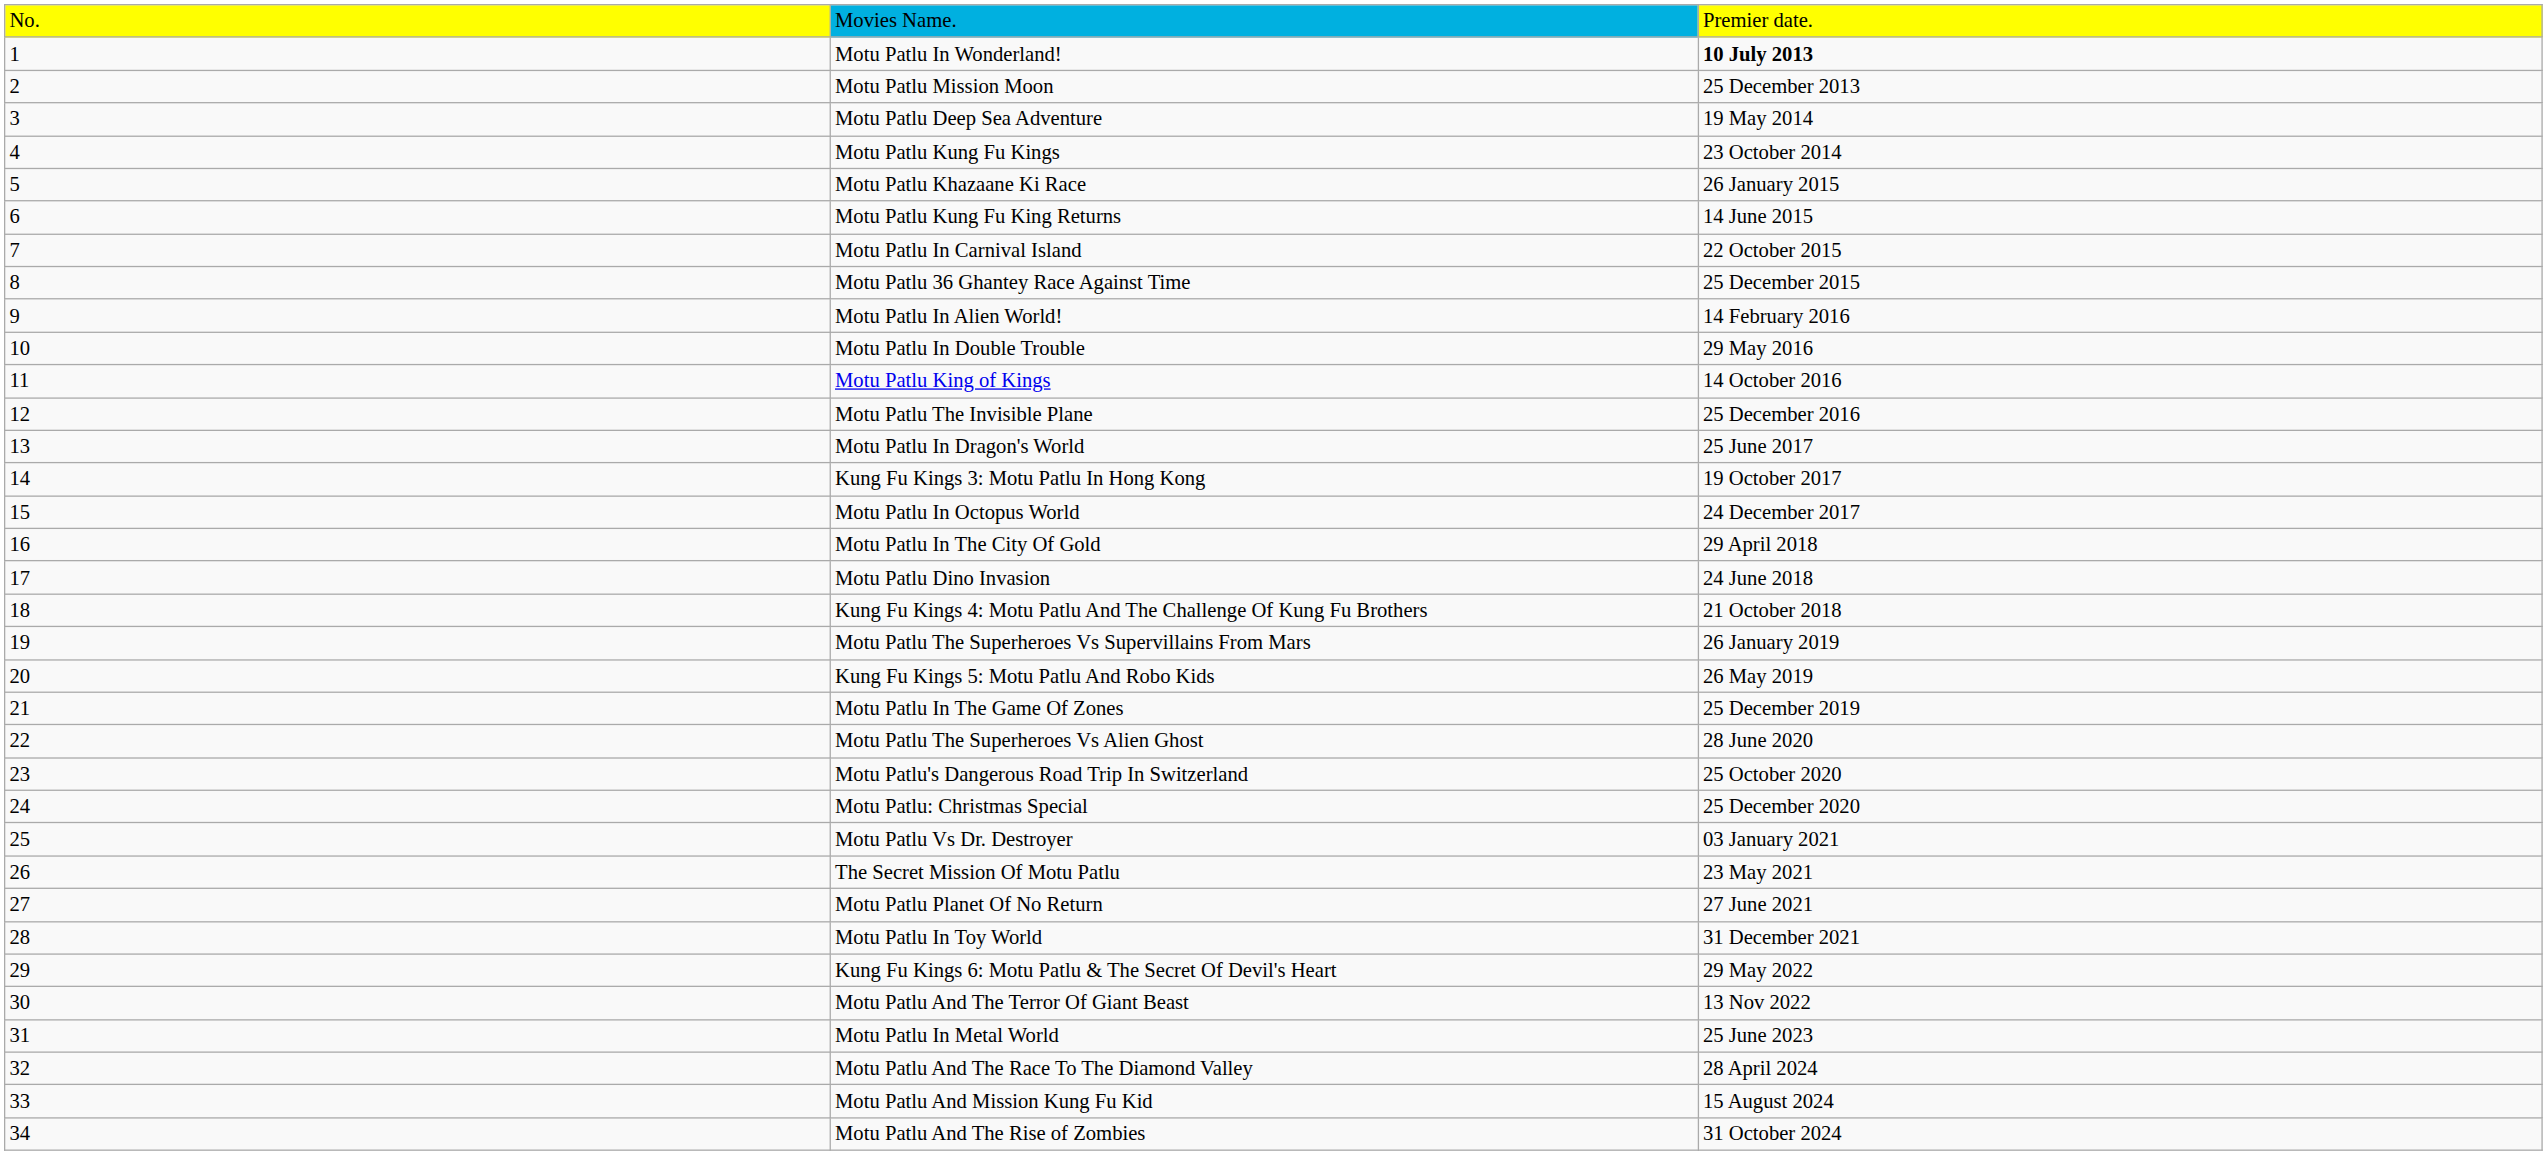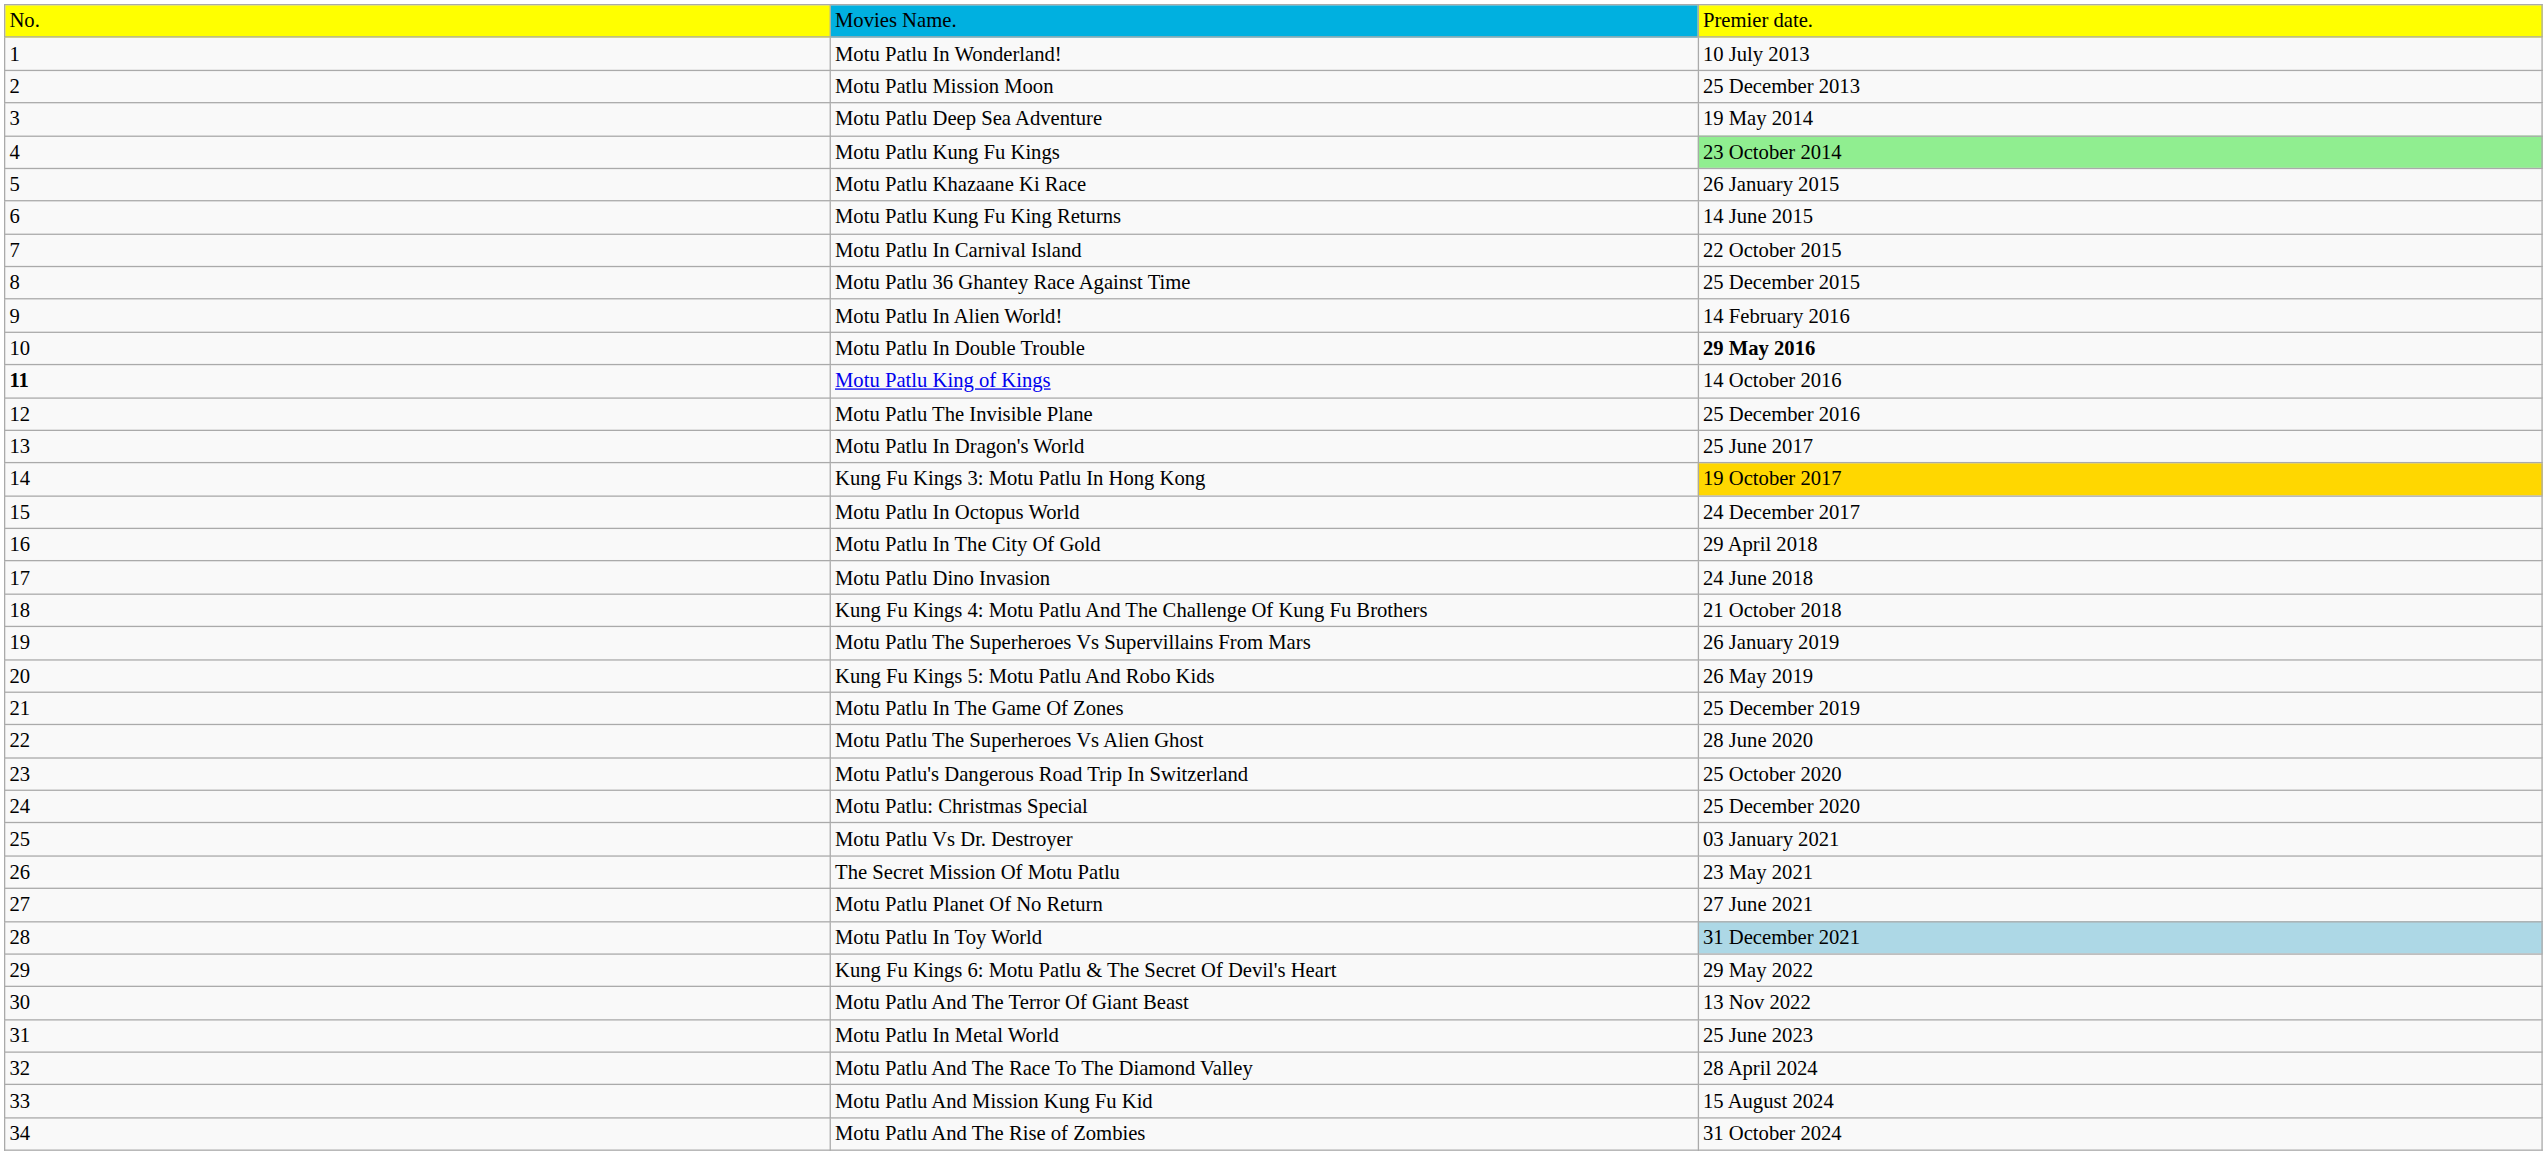 <table class="wikitable">
 <tr>
 <td bgcolor="Yellow" style="width:3%;">No.</td>
 <td bgcolor="sky blue" style="width:3%;">Movies Name.</td>
 <td bgcolor="Yellow" style="width:3%;">Premier date.</td>
 </tr>
 <tr>
 <td>1</td>
 <td>Motu Patlu In Wonderland!</td>
-<td><strong>10 July 2013</strong></td>
+<td>10 July 2013</td>
 </tr>
 <tr>
 <td>2</td>
 <td>Motu Patlu Mission Moon</td>
 <td>25 December 2013</td>
 </tr>
 <tr>
 <td>3</td>
 <td>Motu Patlu Deep Sea Adventure</td>
 <td>19 May 2014</td>
 </tr>
 <tr>
 <td>4</td>
 <td>Motu Patlu Kung Fu Kings</td>
-<td>23 October 2014</td>
+<td style="background: lightgreen;">23 October 2014</td>
 </tr>
 <tr>
 <td>5</td>
 <td>Motu Patlu Khazaane Ki Race</td>
 <td>26 January 2015</td>
 </tr>
 <tr>
 <td>6</td>
 <td>Motu Patlu Kung Fu King Returns</td>
 <td>14 June 2015</td>
 </tr>
 <tr>
 <td>7</td>
 <td>Motu Patlu In Carnival Island</td>
 <td>22 October 2015</td>
 </tr>
 <tr>
 <td>8</td>
 <td>Motu Patlu 36 Ghantey Race Against Time</td>
 <td>25 December 2015</td>
 </tr>
 <tr>
 <td>9</td>
 <td>Motu Patlu In Alien World!</td>
 <td>14 February 2016</td>
 </tr>
 <tr>
 <td>10</td>
 <td>Motu Patlu In Double Trouble</td>
-<td>29 May 2016</td>
+<td><strong>29 May 2016</strong></td>
 </tr>
 <tr>
-<td>11</td>
+<td><strong>11</strong></td>
 <td><a href='#'>Motu Patlu King of Kings</a></td>
 <td>14 October 2016</td>
 </tr>
 <tr>
 <td>12</td>
 <td>Motu Patlu The Invisible Plane</td>
 <td>25 December 2016</td>
 </tr>
 <tr>
 <td>13</td>
 <td>Motu Patlu In Dragon's World</td>
 <td>25 June 2017</td>
 </tr>
 <tr>
 <td>14</td>
 <td>Kung Fu Kings 3: Motu Patlu In Hong Kong</td>
-<td>19 October 2017</td>
+<td style="background: gold;">19 October 2017</td>
 </tr>
 <tr>
 <td>15</td>
 <td>Motu Patlu In Octopus World</td>
 <td>24 December 2017</td>
 </tr>
 <tr>
 <td>16</td>
 <td>Motu Patlu In The City Of Gold</td>
 <td>29 April 2018</td>
 </tr>
 <tr>
 <td>17</td>
 <td>Motu Patlu Dino Invasion</td>
 <td>24 June 2018</td>
 </tr>
 <tr>
 <td>18</td>
 <td>Kung Fu Kings 4: Motu Patlu And The Challenge Of Kung Fu Brothers</td>
 <td>21 October 2018</td>
 </tr>
 <tr>
 <td>19</td>
 <td>Motu Patlu The Superheroes Vs Supervillains From Mars</td>
 <td>26 January 2019</td>
 </tr>
 <tr>
 <td>20</td>
 <td>Kung Fu Kings 5: Motu Patlu And Robo Kids</td>
 <td>26 May 2019</td>
 </tr>
 <tr>
 <td>21</td>
 <td>Motu Patlu In The Game Of Zones</td>
 <td>25 December 2019</td>
 </tr>
 <tr>
 <td>22</td>
 <td>Motu Patlu The Superheroes Vs Alien Ghost</td>
 <td>28 June 2020</td>
 </tr>
 <tr>
 <td>23</td>
 <td>Motu Patlu's Dangerous Road Trip In Switzerland</td>
 <td>25 October 2020</td>
 </tr>
 <tr>
 <td>24</td>
 <td>Motu Patlu: Christmas Special</td>
 <td>25 December 2020</td>
 </tr>
 <tr>
 <td>25</td>
 <td>Motu Patlu Vs Dr. Destroyer</td>
 <td>03 January 2021</td>
 </tr>
 <tr>
 <td>26</td>
 <td>The Secret Mission Of Motu Patlu</td>
 <td>23 May 2021</td>
 </tr>
 <tr>
 <td>27</td>
 <td>Motu Patlu Planet Of No Return</td>
 <td>27 June 2021</td>
 </tr>
 <tr>
 <td>28</td>
 <td>Motu Patlu In Toy World</td>
-<td>31 December 2021</td>
+<td style="background: lightblue;">31 December 2021</td>
 </tr>
 <tr>
 <td>29</td>
 <td>Kung Fu Kings 6: Motu Patlu & The Secret Of Devil's Heart</td>
 <td>29 May 2022</td>
 </tr>
 <tr>
 <td>30</td>
 <td>Motu Patlu And The Terror Of Giant Beast</td>
 <td>13 Nov 2022</td>
 </tr>
 <tr>
 <td>31</td>
 <td>Motu Patlu In Metal World</td>
 <td>25 June 2023</td>
 </tr>
 <tr>
 <td>32</td>
 <td>Motu Patlu And The Race To The Diamond Valley</td>
 <td>28 April 2024</td>
 </tr>
 <tr>
 <td>33</td>
 <td>Motu Patlu And Mission Kung Fu Kid</td>
 <td>15 August 2024</td>
 </tr>
 <tr>
 <td>34</td>
 <td>Motu Patlu And The Rise of Zombies</td>
 <td>31 October 2024</td>
 </tr>
 </table>
